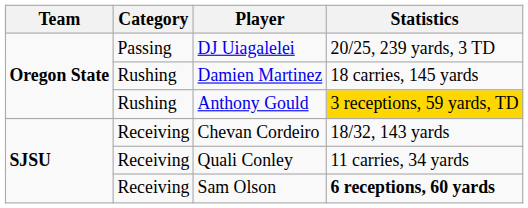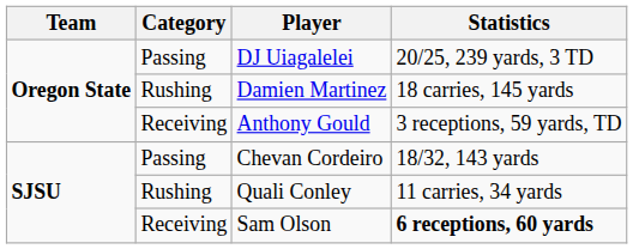 <table class="wikitable" style="float: right;">
 <tr>
 <th>Team</th>
 <th>Category</th>
 <th>Player</th>
 <th>Statistics</th>
 </tr>
 <tr>
 <td rowspan=3><strong>Oregon State</strong></td>
 <td>Passing</td>
 <td><a href='#'>DJ Uiagalelei</a></td>
 <td>20/25, 239 yards, 3 TD</td>
 </tr>
 <tr>
 <td>Rushing</td>
 <td><a href='#'>Damien Martinez</a></td>
 <td>18 carries, 145 yards</td>
 </tr>
 <tr>
-<td>Rushing</td>
+<td>Receiving</td>
 <td><a href='#'>Anthony Gould</a></td>
-<td style="background: gold;">3 receptions, 59 yards, TD</td>
+<td>3 receptions, 59 yards, TD</td>
 </tr>
 <tr>
 <td rowspan=3><strong>SJSU</strong></td>
-<td>Receiving</td>
+<td>Passing</td>
 <td>Chevan Cordeiro</td>
 <td>18/32, 143 yards</td>
 </tr>
 <tr>
-<td>Receiving</td>
+<td>Rushing</td>
 <td>Quali Conley</td>
 <td>11 carries, 34 yards</td>
 </tr>
 <tr>
 <td>Receiving</td>
 <td>Sam Olson</td>
 <td><strong>6 receptions, 60 yards</strong></td>
 </tr>
 </table>
